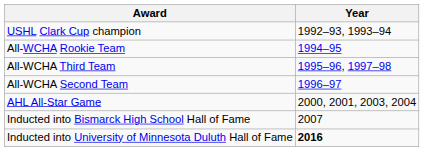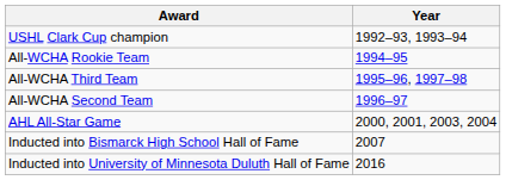 <table class="wikitable">
 <tr>
 <th>Award</th>
 <th>Year</th>
 </tr>
 <tr>
 <td><a href='#'>USHL</a> <a href='#'>Clark Cup</a> champion</td>
 <td>1992–93, 1993–94</td>
 </tr>
 <tr>
 <td>All-<a href='#'>WCHA</a> <a href='#'>Rookie Team</a></td>
 <td><a href='#'>1994–95</a></td>
 </tr>
 <tr>
 <td>All-WCHA <a href='#'>Third Team</a></td>
 <td><a href='#'>1995–96</a>, <a href='#'>1997–98</a></td>
 </tr>
 <tr>
 <td>All-WCHA <a href='#'>Second Team</a></td>
 <td><a href='#'>1996–97</a></td>
 </tr>
 <tr>
 <td><a href='#'>AHL All-Star Game</a></td>
 <td>2000, 2001, 2003, 2004</td>
 </tr>
 <tr>
 <td>Inducted into <a href='#'>Bismarck High School</a> Hall of Fame</td>
 <td>2007</td>
 </tr>
 <tr>
 <td>Inducted into <a href='#'>University of Minnesota Duluth</a> Hall of Fame</td>
-<td><strong>2016</strong></td>
+<td>2016</td>
 </tr>
 </table>
